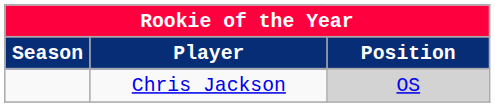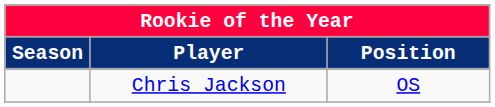 <table class="wikitable sortable" style="text-align:center">
 <tr>
 <td colspan="4" style="background:#FF003F; color:white;"><strong>Rookie of the Year</strong></td>
 </tr>
 <tr>
 <th style="width:50px; background:#072D77; color:white;">Season</th>
 <th style="width:150px; background:#072D77; color:white;">Player</th>
 <th style="width:100px; background:#072D77; color:white;">Position</th>
 </tr>
 <tr>
 <td></td>
 <td><a href='#'>Chris Jackson</a></td>
-<td style="background: lightgrey;"><a href='#'>OS</a></td>
+<td><a href='#'>OS</a></td>
 </tr>
 </table>
